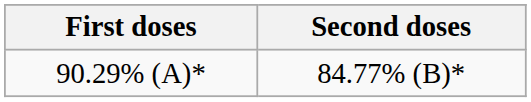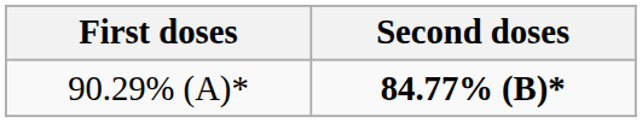 <table class="wikitable" style="text-align:center;" width="33%">
 <tr>
 <th>First doses</th>
 <th>Second doses</th>
 </tr>
 <tr>
 <td>90.29% (A)*</td>
-<td>84.77% (B)*</td>
+<td><strong>84.77% (B)*</strong></td>
 </tr>
 </table>
